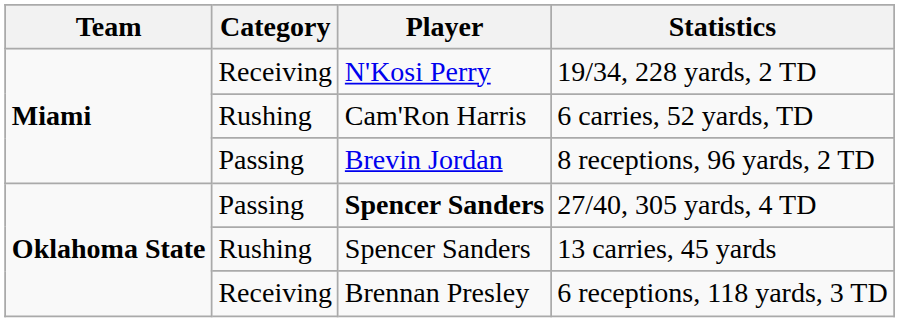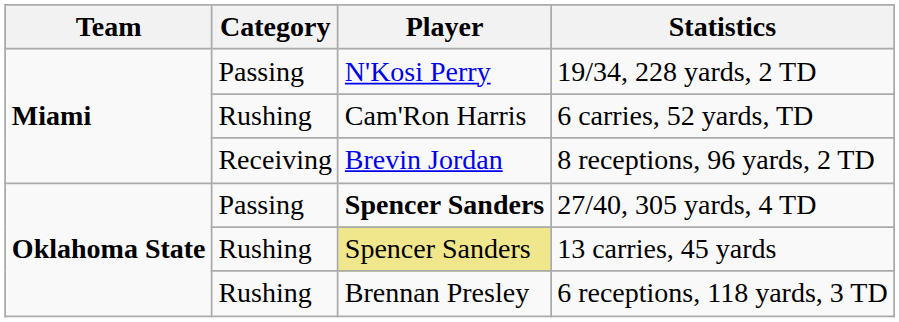 <table class="wikitable" style="float: right;">
 <tr>
 <th>Team</th>
 <th>Category</th>
 <th>Player</th>
 <th>Statistics</th>
 </tr>
 <tr>
 <td rowspan=3><strong>Miami</strong></td>
-<td>Receiving</td>
+<td>Passing</td>
 <td><a href='#'>N'Kosi Perry</a></td>
 <td>19/34, 228 yards, 2 TD</td>
 </tr>
 <tr>
 <td>Rushing</td>
 <td>Cam'Ron Harris</td>
 <td>6 carries, 52 yards, TD</td>
 </tr>
 <tr>
-<td>Passing</td>
+<td>Receiving</td>
 <td><a href='#'>Brevin Jordan</a></td>
 <td>8 receptions, 96 yards, 2 TD</td>
 </tr>
 <tr>
 <td rowspan=3><strong>Oklahoma State</strong></td>
 <td>Passing</td>
 <td><strong>Spencer Sanders</strong></td>
 <td>27/40, 305 yards, 4 TD</td>
 </tr>
 <tr>
 <td>Rushing</td>
-<td>Spencer Sanders</td>
+<td style="background: khaki;">Spencer Sanders</td>
 <td>13 carries, 45 yards</td>
 </tr>
 <tr>
-<td>Receiving</td>
+<td>Rushing</td>
 <td>Brennan Presley</td>
 <td>6 receptions, 118 yards, 3 TD</td>
 </tr>
 </table>
